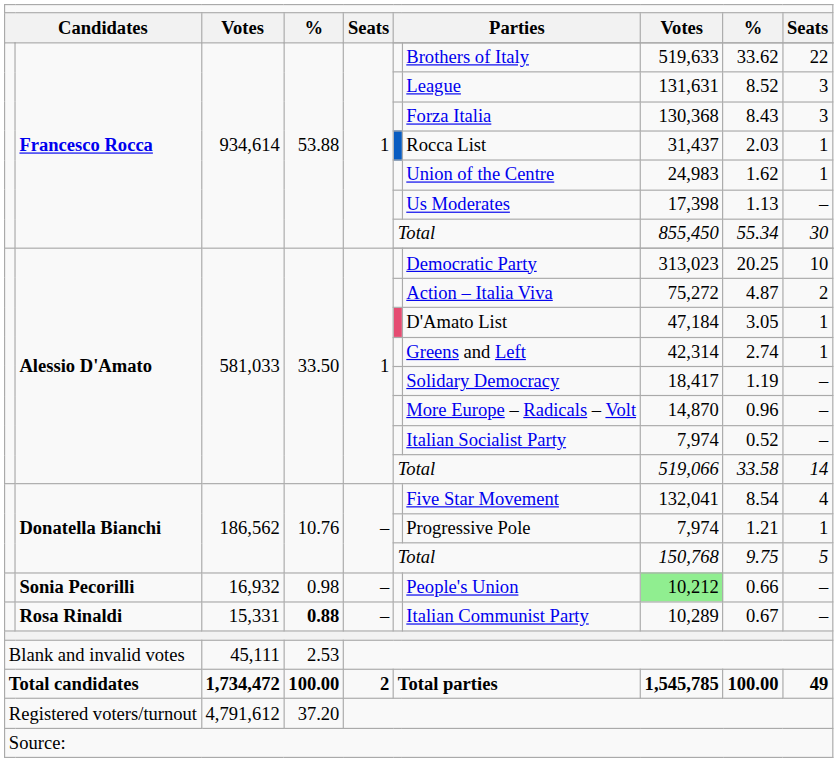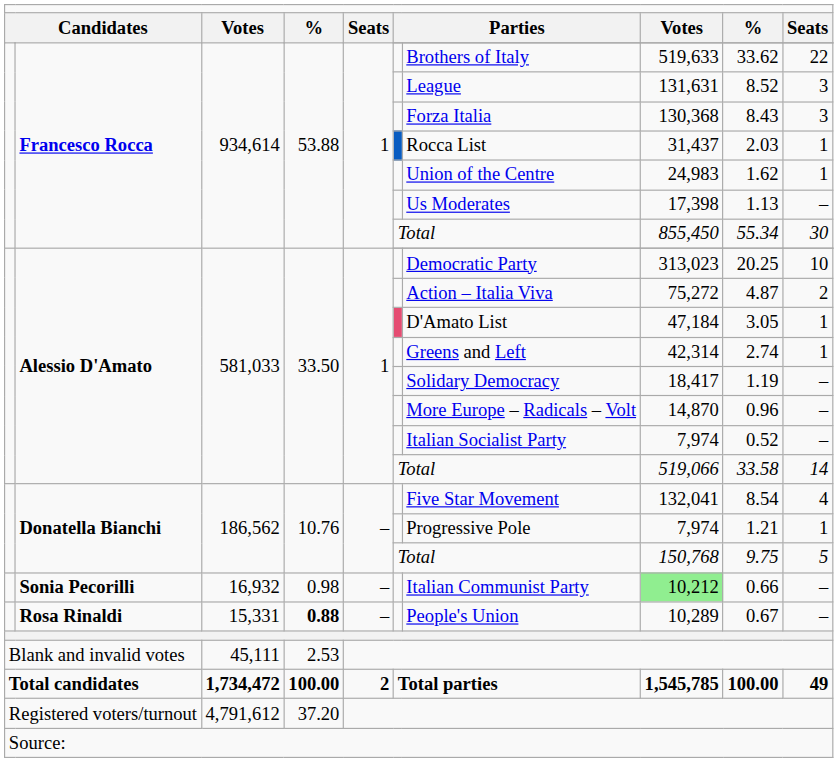 <table class="wikitable">
 <tr>
 <td colspan=10></td>
 </tr>
 <tr>
 <th colspan=2>Candidates</th>
 <th>Votes</th>
 <th>%</th>
 <th>Seats</th>
 <th colspan=2>Parties</th>
 <th>Votes</th>
 <th>%</th>
 <th>Seats</th>
 </tr>
 <tr>
 <td rowspan=8></td>
 <td rowspan=8><strong><a href='#'>Francesco Rocca</a></strong></td>
 <td rowspan=8 align=right>934,614</td>
 <td rowspan=8 align=right>53.88</td>
 <td rowspan=8 align=right>1</td>
 </tr>
 <tr>
 <td></td>
 <td align="left"><a href='#'>Brothers of Italy</a></td>
 <td align=right>519,633</td>
 <td align=right>33.62</td>
 <td align=right>22</td>
 </tr>
 <tr>
 <td></td>
 <td align="left"><a href='#'>League</a></td>
 <td align=right>131,631</td>
 <td align=right>8.52</td>
 <td align=right>3</td>
 </tr>
 <tr>
 <td></td>
 <td align="left"><a href='#'>Forza Italia</a></td>
 <td align=right>130,368</td>
 <td align=right>8.43</td>
 <td align=right>3</td>
 </tr>
 <tr>
 <td bgcolor="#095CC1"></td>
 <td align="left">Rocca List</td>
 <td align=right>31,437</td>
 <td align=right>2.03</td>
 <td align=right>1</td>
 </tr>
 <tr>
 <td></td>
 <td align="left"><a href='#'>Union of the Centre</a></td>
 <td align=right>24,983</td>
 <td align=right>1.62</td>
 <td align=right>1</td>
 </tr>
 <tr>
 <td></td>
 <td align="left"><a href='#'>Us Moderates</a></td>
 <td align=right>17,398</td>
 <td align=right>1.13</td>
 <td align=right>–</td>
 </tr>
 <tr>
 <td colspan=2><em>Total</em></td>
 <td align=right><em>855,450</em></td>
 <td align=right><em>55.34</em></td>
 <td align=right><em>30</em></td>
 </tr>
 <tr>
 <td rowspan=9></td>
 <td rowspan=9><strong>Alessio D'Amato</strong></td>
 <td rowspan=9 align=right>581,033</td>
 <td rowspan=9 align=right>33.50</td>
 <td rowspan=9 align=right>1</td>
 </tr>
 <tr>
 <td></td>
 <td align="left"><a href='#'>Democratic Party</a></td>
 <td align=right>313,023</td>
 <td align=right>20.25</td>
 <td align=right>10</td>
 </tr>
 <tr>
 <td></td>
 <td align="left"><a href='#'>Action – Italia Viva</a></td>
 <td align=right>75,272</td>
 <td align=right>4.87</td>
 <td align=right>2</td>
 </tr>
 <tr>
 <td bgcolor="#E54C72"></td>
 <td align="left">D'Amato List</td>
 <td align=right>47,184</td>
 <td align=right>3.05</td>
 <td align=right>1</td>
 </tr>
 <tr>
 <td></td>
 <td align="left"><a href='#'>Greens</a> and <a href='#'>Left</a></td>
 <td align=right>42,314</td>
 <td align=right>2.74</td>
 <td align=right>1</td>
 </tr>
 <tr>
 <td></td>
 <td align="left"><a href='#'>Solidary Democracy</a></td>
 <td align=right>18,417</td>
 <td align=right>1.19</td>
 <td align=right>–</td>
 </tr>
 <tr>
 <td></td>
 <td align="left"><a href='#'>More Europe</a> – <a href='#'>Radicals</a> – <a href='#'>Volt</a></td>
 <td align=right>14,870</td>
 <td align=right>0.96</td>
 <td align=right>–</td>
 </tr>
 <tr>
 <td></td>
 <td align="left"><a href='#'>Italian Socialist Party</a></td>
 <td align=right>7,974</td>
 <td align=right>0.52</td>
 <td align=right>–</td>
 </tr>
 <tr>
 <td colspan=2><em>Total</em></td>
 <td align=right><em>519,066</em></td>
 <td align=right><em>33.58</em></td>
 <td align=right><em>14</em></td>
 </tr>
 <tr>
 <td rowspan=3></td>
 <td rowspan=3><strong>Donatella Bianchi</strong></td>
 <td rowspan=3  align=right>186,562</td>
 <td rowspan=3  align=right>10.76</td>
 <td rowspan=3  align=right>–</td>
 <td></td>
 <td align="left"><a href='#'>Five Star Movement</a></td>
 <td align=right>132,041</td>
 <td align=right>8.54</td>
 <td align=right>4</td>
 </tr>
 <tr>
 <td></td>
 <td align="left">Progressive Pole</td>
 <td align=right>7,974</td>
 <td align=right>1.21</td>
 <td align=right>1</td>
 </tr>
 <tr>
 <td colspan=2><em>Total</em></td>
 <td align=right><em>150,768</em></td>
 <td align=right><em>9.75</em></td>
 <td align=right><em>5</em></td>
 </tr>
 <tr>
 <td></td>
 <td><strong>Sonia Pecorilli</strong></td>
 <td align=right>16,932</td>
 <td align=right>0.98</td>
 <td align=right>–</td>
 <td></td>
-<td><a href='#'>People's Union</a></td>
+<td><a href='#'>Italian Communist Party</a></td>
 <td align=right style="background: lightgreen;">10,212</td>
 <td align=right>0.66</td>
 <td align=right>–</td>
 </tr>
 <tr>
 <td></td>
 <td><strong>Rosa Rinaldi</strong></td>
 <td align=right>15,331</td>
 <td align=right><strong>0.88</strong></td>
 <td align=right>–</td>
 <td></td>
-<td><a href='#'>Italian Communist Party</a></td>
+<td><a href='#'>People's Union</a></td>
 <td align=right>10,289</td>
 <td align=right>0.67</td>
 <td align=right>–</td>
 </tr>
 <tr>
 <th colspan=10></th>
 </tr>
 <tr>
 <td colspan=2>Blank and invalid votes</td>
 <td align=right>45,111</td>
 <td align=right>2.53</td>
 <td colspan=6></td>
 </tr>
 <tr>
 <td colspan=2><strong>Total candidates</strong></td>
 <td align=right><strong>1,734,472</strong></td>
 <td align=right><strong>100.00</strong></td>
 <td align=right><strong>2</strong></td>
 <td colspan=2><strong>Total parties</strong></td>
 <td align=right><strong>1,545,785</strong></td>
 <td align=right><strong>100.00</strong></td>
 <td align=right><strong>49</strong></td>
 </tr>
 <tr>
 <td colspan=2>Registered voters/turnout</td>
 <td align=right>4,791,612</td>
 <td align=right>37.20</td>
 <td colspan=6></td>
 </tr>
 <tr>
 <td colspan=10>Source: </td>
 </tr>
 </table>
